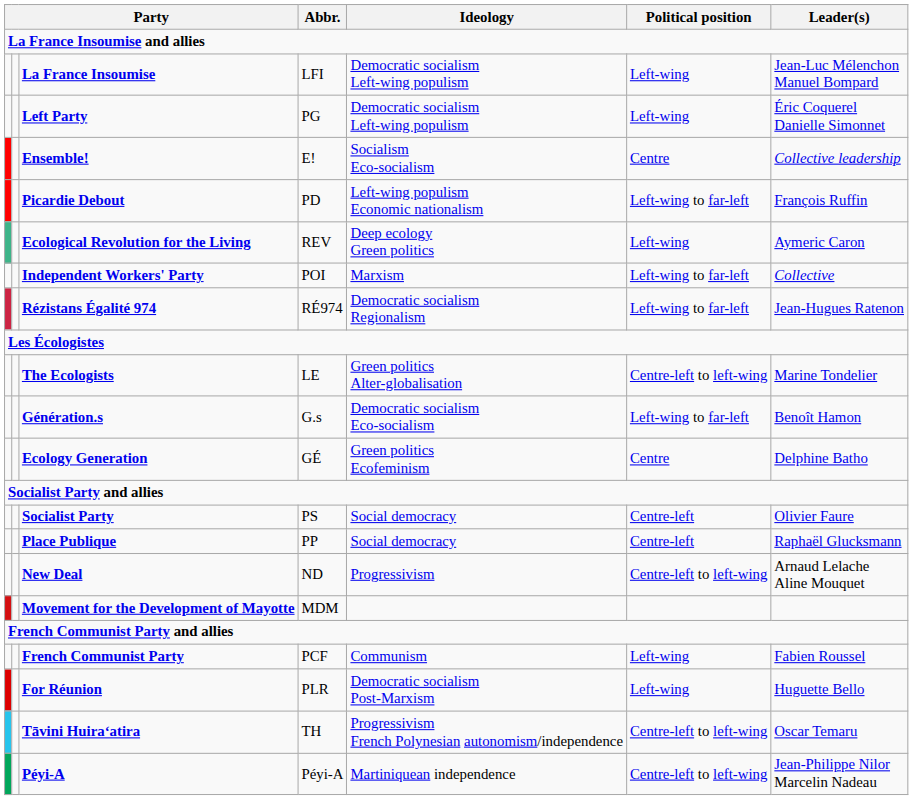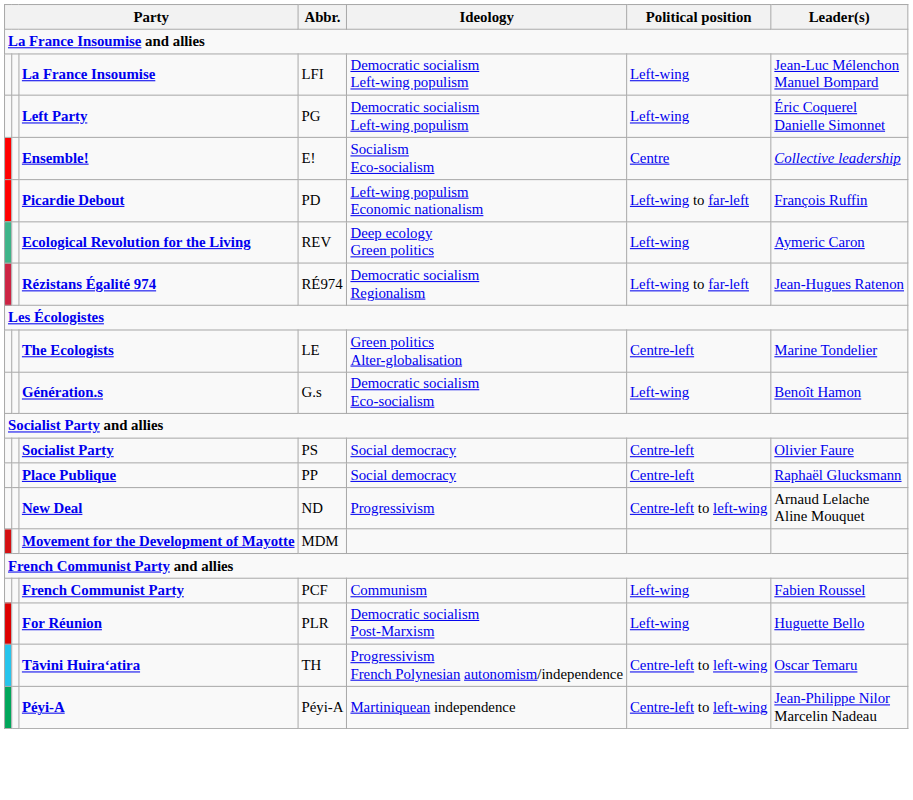 <table class="wikitable" style="font-size:90%">
 <tr>
 <th colspan="3">Party</th>
 <th>Abbr.</th>
 <th>Ideology</th>
 <th>Political position</th>
 <th>Leader(s)</th>
 </tr>
 <tr>
 <td colspan="7"><strong><a href='#'>La France Insoumise</a> and allies</strong></td>
 </tr>
 <tr>
 <td style="background-color: "></td>
 <td></td>
 <td><strong><a href='#'>La France Insoumise</a></strong></td>
 <td>LFI</td>
 <td><a href='#'>Democratic socialism</a><br><a href='#'>Left-wing populism</a></td>
 <td><a href='#'>Left-wing</a></td>
 <td><a href='#'>Jean-Luc Mélenchon</a><br><a href='#'>Manuel Bompard</a></td>
 </tr>
 <tr>
 <td style="background-color: "></td>
 <td></td>
 <td><strong><a href='#'>Left Party</a></strong></td>
 <td>PG</td>
 <td><a href='#'>Democratic socialism</a><br><a href='#'>Left-wing populism</a></td>
 <td><a href='#'>Left-wing</a></td>
 <td><a href='#'>Éric Coquerel</a><br><a href='#'>Danielle Simonnet</a></td>
 </tr>
 <tr>
 <td style="background-color:red"></td>
 <td></td>
 <td><strong><a href='#'>Ensemble!</a></strong></td>
 <td>E!</td>
 <td><a href='#'>Socialism</a><br><a href='#'>Eco-socialism</a></td>
 <td><a href='#'>Centre</a></td>
 <td><em><a href='#'>Collective leadership</a></em></td>
 </tr>
 <tr>
 <td style="background-color:red"></td>
 <td align="center"></td>
 <td><strong><a href='#'>Picardie Debout</a></strong></td>
 <td>PD</td>
 <td><a href='#'>Left-wing populism</a><br><a href='#'>Economic nationalism</a></td>
 <td><a href='#'>Left-wing</a> to <a href='#'>far-left</a></td>
 <td><a href='#'>François Ruffin</a></td>
 </tr>
 <tr>
 <td style="background-color: #3EB489"></td>
 <td align="center"></td>
 <td><strong><a href='#'>Ecological Revolution for the Living</a></strong></td>
 <td>REV</td>
 <td><a href='#'>Deep ecology</a><br><a href='#'>Green politics</a></td>
 <td><a href='#'>Left-wing</a></td>
 <td><a href='#'>Aymeric Caron</a></td>
 </tr>
 <tr>
-<td style="background-color: "></td>
-<td align="center"></td>
-<td><strong><a href='#'>Independent Workers' Party</a></strong></td>
-<td>POI</td>
-<td><a href='#'>Marxism</a></td>
-<td><a href='#'>Left-wing</a> to <a href='#'>far-left</a></td>
-<td><em><a href='#'>Collective</a></em></td>
-</tr>
-<tr>
 <td style="background-color: #CC2443"></td>
 <td></td>
 <td><strong><a href='#'>Rézistans Égalité 974</a></strong></td>
 <td>RÉ974</td>
 <td><a href='#'>Democratic socialism</a><br><a href='#'>Regionalism</a></td>
 <td><a href='#'>Left-wing</a> to <a href='#'>far-left</a></td>
 <td><a href='#'>Jean-Hugues Ratenon</a></td>
 </tr>
 <tr>
 <td colspan="7"><strong><a href='#'>Les Écologistes</a></strong></td>
 </tr>
 <tr>
 <td style="background-color: "></td>
 <td align="center"></td>
 <td><a href='#'><strong>The Ecologists</strong></a></td>
 <td>LE</td>
 <td><a href='#'>Green politics</a><br><a href='#'>Alter-globalisation</a></td>
-<td><a href='#'>Centre-left</a> to <a href='#'>left-wing</a></td>
+<td><a href='#'>Centre-left</a></td>
 <td><a href='#'>Marine Tondelier</a></td>
 </tr>
 <tr>
 <td style="background-color: "></td>
 <td align="center"></td>
 <td><strong><a href='#'>Génération.s</a></strong></td>
 <td>G.s</td>
 <td><a href='#'>Democratic socialism</a><br><a href='#'>Eco-socialism</a></td>
-<td><a href='#'>Left-wing</a> to <a href='#'>far-left</a></td>
+<td><a href='#'>Left-wing</a></td>
 <td><a href='#'>Benoît Hamon</a></td>
-</tr>
-<tr>
-<td style="background-color: "></td>
-<td align="center"></td>
-<td><strong><a href='#'>Ecology Generation</a></strong></td>
-<td>GÉ</td>
-<td><a href='#'>Green politics</a><br><a href='#'>Ecofeminism</a></td>
-<td><a href='#'>Centre</a></td>
-<td><a href='#'>Delphine Batho</a></td>
 </tr>
 <tr>
 <td colspan="7"><strong><a href='#'>Socialist Party</a> and allies</strong></td>
 </tr>
 <tr>
 <td style="background-color: "></td>
 <td align="center"></td>
 <td><strong><a href='#'>Socialist Party</a></strong></td>
 <td>PS</td>
 <td><a href='#'>Social democracy</a></td>
 <td><a href='#'>Centre-left</a></td>
 <td><a href='#'>Olivier Faure</a></td>
 </tr>
 <tr>
 <td style="background-color: "></td>
 <td align="center"></td>
 <td><strong><a href='#'>Place Publique</a></strong></td>
 <td>PP</td>
 <td><a href='#'>Social democracy</a></td>
 <td><a href='#'>Centre-left</a></td>
 <td><a href='#'>Raphaël Glucksmann</a></td>
 </tr>
 <tr>
 <td style="background-color: "></td>
 <td align="center"></td>
 <td><strong><a href='#'>New Deal</a></strong></td>
 <td>ND</td>
 <td><a href='#'>Progressivism</a></td>
 <td><a href='#'>Centre-left</a> to <a href='#'>left-wing</a></td>
 <td>Arnaud Lelache<br>Aline Mouquet</td>
 </tr>
 <tr>
 <td style="background-color: #d41012"></td>
 <td></td>
 <td><strong><a href='#'>Movement for the Development of Mayotte</a></strong></td>
 <td>MDM</td>
 <td></td>
 <td></td>
 <td></td>
 </tr>
 <tr>
 <td colspan="7"><strong><a href='#'>French Communist Party</a> and allies</strong></td>
 </tr>
 <tr>
 <td style="background-color: "></td>
 <td></td>
 <td><strong><a href='#'>French Communist Party</a></strong></td>
 <td>PCF</td>
 <td><a href='#'>Communism</a></td>
 <td><a href='#'>Left-wing</a></td>
 <td><a href='#'>Fabien Roussel</a></td>
 </tr>
 <tr>
 <td style="background-color: #DD0000"></td>
 <td></td>
 <td><strong><a href='#'>For Réunion</a></strong></td>
 <td>PLR</td>
 <td><a href='#'>Democratic socialism</a><br><a href='#'>Post-Marxism</a></td>
 <td><a href='#'>Left-wing</a></td>
 <td><a href='#'>Huguette Bello</a></td>
 </tr>
 <tr>
 <td style="background-color: #26C4EC"></td>
 <td></td>
 <td><strong><a href='#'>Tāvini Huiraʻatira</a></strong></td>
 <td>TH</td>
 <td><a href='#'>Progressivism</a><br><a href='#'>French Polynesian</a> <a href='#'>autonomism</a>/independence</td>
 <td><a href='#'>Centre-left</a> to <a href='#'>left-wing</a></td>
 <td><a href='#'>Oscar Temaru</a></td>
 </tr>
 <tr>
 <td style="background-color: #01A65A"></td>
 <td></td>
 <td><strong><a href='#'>Péyi-A</a></strong></td>
 <td>Péyi-A</td>
 <td><a href='#'>Martiniquean</a> independence</td>
 <td><a href='#'>Centre-left</a> to <a href='#'>left-wing</a></td>
 <td><a href='#'>Jean-Philippe Nilor</a><br>Marcelin Nadeau</td>
 </tr>
 </table>
